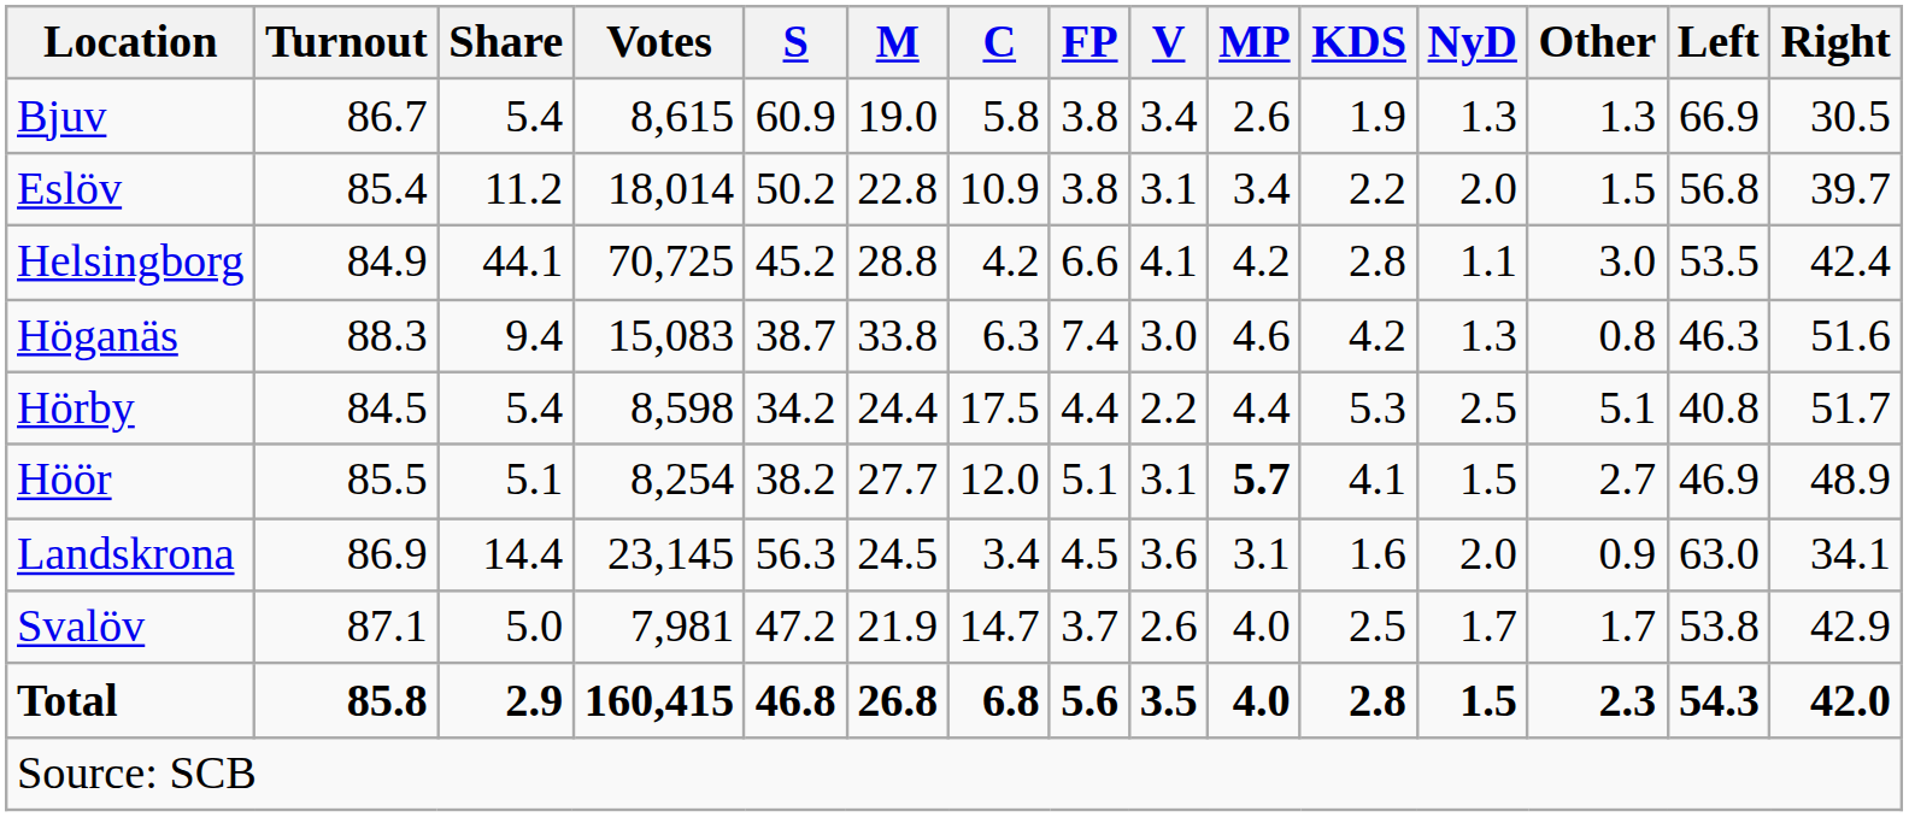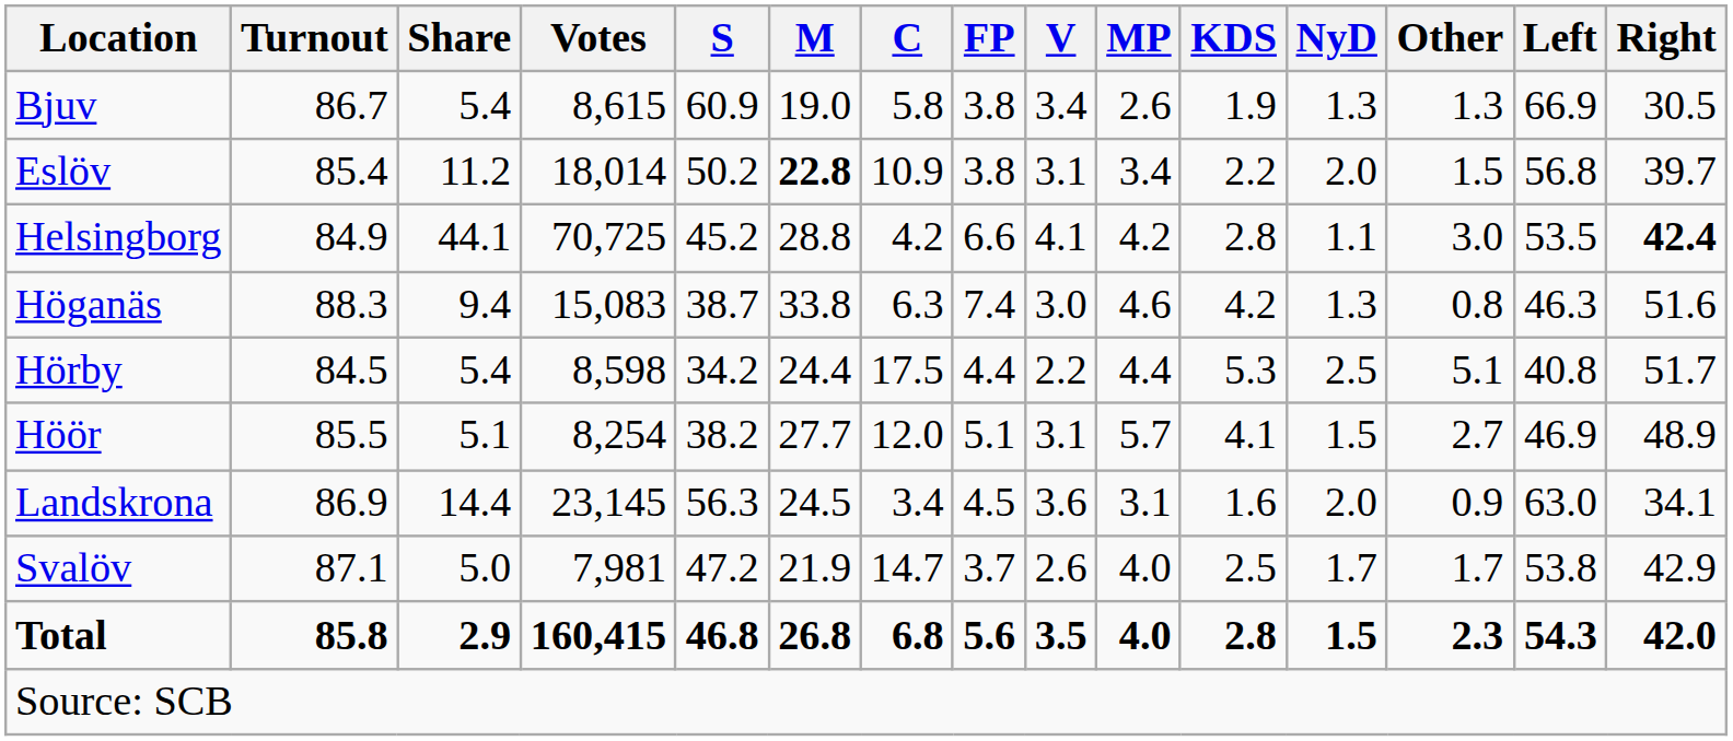 <table class="wikitable sortable" style=text-align:right>
 <tr>
 <th>Location</th>
 <th>Turnout</th>
 <th>Share</th>
 <th>Votes</th>
 <th><a href='#'>S</a></th>
 <th><a href='#'>M</a></th>
 <th><a href='#'>C</a></th>
 <th><a href='#'>FP</a></th>
 <th><a href='#'>V</a></th>
 <th><a href='#'>MP</a></th>
 <th><a href='#'>KDS</a></th>
 <th><a href='#'>NyD</a></th>
 <th>Other</th>
 <th>Left</th>
 <th>Right</th>
 </tr>
 <tr>
 <td align=left><a href='#'>Bjuv</a></td>
 <td>86.7</td>
 <td>5.4</td>
 <td>8,615</td>
 <td>60.9</td>
 <td>19.0</td>
 <td>5.8</td>
 <td>3.8</td>
 <td>3.4</td>
 <td>2.6</td>
 <td>1.9</td>
 <td>1.3</td>
 <td>1.3</td>
 <td>66.9</td>
 <td>30.5</td>
 </tr>
 <tr>
 <td align=left><a href='#'>Eslöv</a></td>
 <td>85.4</td>
 <td>11.2</td>
 <td>18,014</td>
 <td>50.2</td>
-<td>22.8</td>
+<td><strong>22.8</strong></td>
 <td>10.9</td>
 <td>3.8</td>
 <td>3.1</td>
 <td>3.4</td>
 <td>2.2</td>
 <td>2.0</td>
 <td>1.5</td>
 <td>56.8</td>
 <td>39.7</td>
 </tr>
 <tr>
 <td align=left><a href='#'>Helsingborg</a></td>
 <td>84.9</td>
 <td>44.1</td>
 <td>70,725</td>
 <td>45.2</td>
 <td>28.8</td>
 <td>4.2</td>
 <td>6.6</td>
 <td>4.1</td>
 <td>4.2</td>
 <td>2.8</td>
 <td>1.1</td>
 <td>3.0</td>
 <td>53.5</td>
-<td>42.4</td>
+<td><strong>42.4</strong></td>
 </tr>
 <tr>
 <td align=left><a href='#'>Höganäs</a></td>
 <td>88.3</td>
 <td>9.4</td>
 <td>15,083</td>
 <td>38.7</td>
 <td>33.8</td>
 <td>6.3</td>
 <td>7.4</td>
 <td>3.0</td>
 <td>4.6</td>
 <td>4.2</td>
 <td>1.3</td>
 <td>0.8</td>
 <td>46.3</td>
 <td>51.6</td>
 </tr>
 <tr>
 <td align=left><a href='#'>Hörby</a></td>
 <td>84.5</td>
 <td>5.4</td>
 <td>8,598</td>
 <td>34.2</td>
 <td>24.4</td>
 <td>17.5</td>
 <td>4.4</td>
 <td>2.2</td>
 <td>4.4</td>
 <td>5.3</td>
 <td>2.5</td>
 <td>5.1</td>
 <td>40.8</td>
 <td>51.7</td>
 </tr>
 <tr>
 <td align=left><a href='#'>Höör</a></td>
 <td>85.5</td>
 <td>5.1</td>
 <td>8,254</td>
 <td>38.2</td>
 <td>27.7</td>
 <td>12.0</td>
 <td>5.1</td>
 <td>3.1</td>
-<td><strong>5.7</strong></td>
+<td>5.7</td>
 <td>4.1</td>
 <td>1.5</td>
 <td>2.7</td>
 <td>46.9</td>
 <td>48.9</td>
 </tr>
 <tr>
 <td align=left><a href='#'>Landskrona</a></td>
 <td>86.9</td>
 <td>14.4</td>
 <td>23,145</td>
 <td>56.3</td>
 <td>24.5</td>
 <td>3.4</td>
 <td>4.5</td>
 <td>3.6</td>
 <td>3.1</td>
 <td>1.6</td>
 <td>2.0</td>
 <td>0.9</td>
 <td>63.0</td>
 <td>34.1</td>
 </tr>
 <tr>
 <td align=left><a href='#'>Svalöv</a></td>
 <td>87.1</td>
 <td>5.0</td>
 <td>7,981</td>
 <td>47.2</td>
 <td>21.9</td>
 <td>14.7</td>
 <td>3.7</td>
 <td>2.6</td>
 <td>4.0</td>
 <td>2.5</td>
 <td>1.7</td>
 <td>1.7</td>
 <td>53.8</td>
 <td>42.9</td>
 </tr>
 <tr>
 <td align=left><strong>Total</strong></td>
 <td><strong>85.8</strong></td>
 <td><strong>2.9</strong></td>
 <td><strong>160,415</strong></td>
 <td><strong>46.8</strong></td>
 <td><strong>26.8</strong></td>
 <td><strong>6.8</strong></td>
 <td><strong>5.6</strong></td>
 <td><strong>3.5</strong></td>
 <td><strong>4.0</strong></td>
 <td><strong>2.8</strong></td>
 <td><strong>1.5</strong></td>
 <td><strong>2.3</strong></td>
 <td><strong>54.3</strong></td>
 <td><strong>42.0</strong></td>
 </tr>
 <tr>
 <td align=left colspan=15>Source: SCB </td>
 </tr>
 </table>
